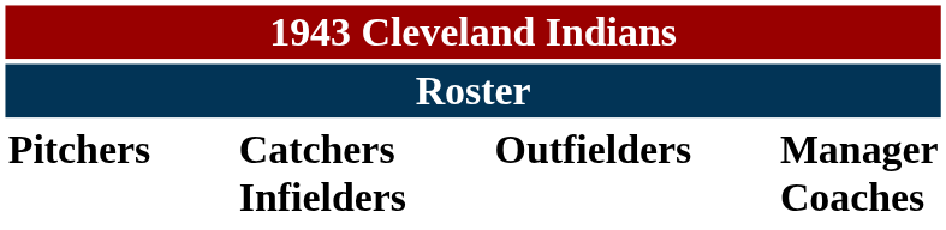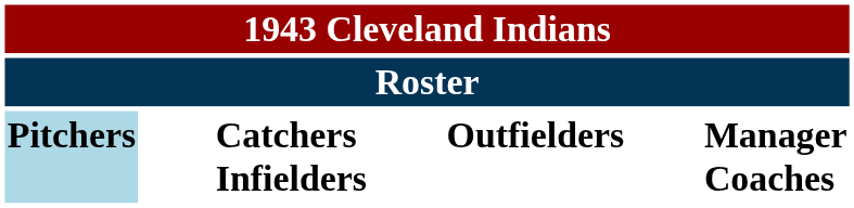 <table class="toccolours" style="font-size: 95%;">
 <tr>
 <th colspan="10" style="background-color: #990000; color: white; text-align: center;">1943 Cleveland Indians</th>
 </tr>
 <tr>
 <td colspan="10" style="background-color: #023456; color: white; text-align: center;"><strong>Roster</strong></td>
 </tr>
 <tr>
-<td valign="top"><strong>Pitchers</strong><br>              </td>
+<td valign="top" style="background: lightblue;"><strong>Pitchers</strong><br>              </td>
 <td width="25px"></td>
 <td valign="top"><strong>Catchers</strong><br>    <strong>Infielders</strong>        </td>
 <td width="25px"></td>
 <td valign="top"><strong>Outfielders</strong><br>      </td>
 <td width="25px"></td>
 <td valign="top"><strong>Manager</strong><br> <strong>Coaches</strong>   </td>
 </tr>
 </table>
